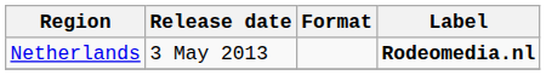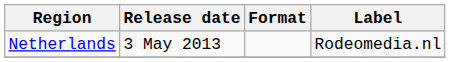 <table class="wikitable">
 <tr>
 <th>Region</th>
 <th>Release date</th>
 <th>Format</th>
 <th>Label</th>
 </tr>
 <tr>
 <td><a href='#'>Netherlands</a></td>
 <td>3 May 2013</td>
 <td></td>
-<td><strong>Rodeomedia.nl</strong></td>
+<td>Rodeomedia.nl</td>
 </tr>
 <tr>
 </tr>
 </table>
